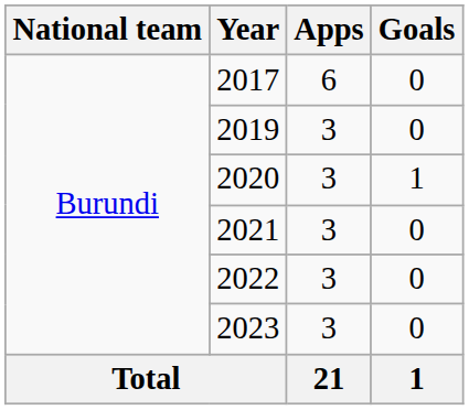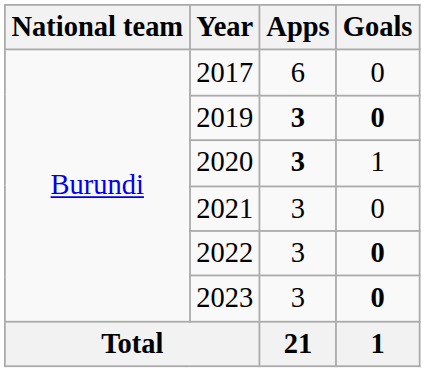 <table class=wikitable style=text-align:center>
 <tr>
 <th>National team</th>
 <th>Year</th>
 <th>Apps</th>
 <th>Goals</th>
 </tr>
 <tr>
 <td rowspan="6"><a href='#'>Burundi</a></td>
 <td>2017</td>
 <td>6</td>
 <td>0</td>
 </tr>
 <tr>
 <td>2019</td>
-<td>3</td>
-<td>0</td>
+<td><strong>3</strong></td>
+<td><strong>0</strong></td>
 </tr>
 <tr>
 <td>2020</td>
-<td>3</td>
+<td><strong>3</strong></td>
 <td>1</td>
 </tr>
 <tr>
 <td>2021</td>
 <td>3</td>
 <td>0</td>
 </tr>
 <tr>
 <td>2022</td>
 <td>3</td>
-<td>0</td>
+<td><strong>0</strong></td>
 </tr>
 <tr>
 <td>2023</td>
 <td>3</td>
-<td>0</td>
+<td><strong>0</strong></td>
 </tr>
 <tr>
 <th colspan="2">Total</th>
 <th>21</th>
 <th>1</th>
 </tr>
 </table>
